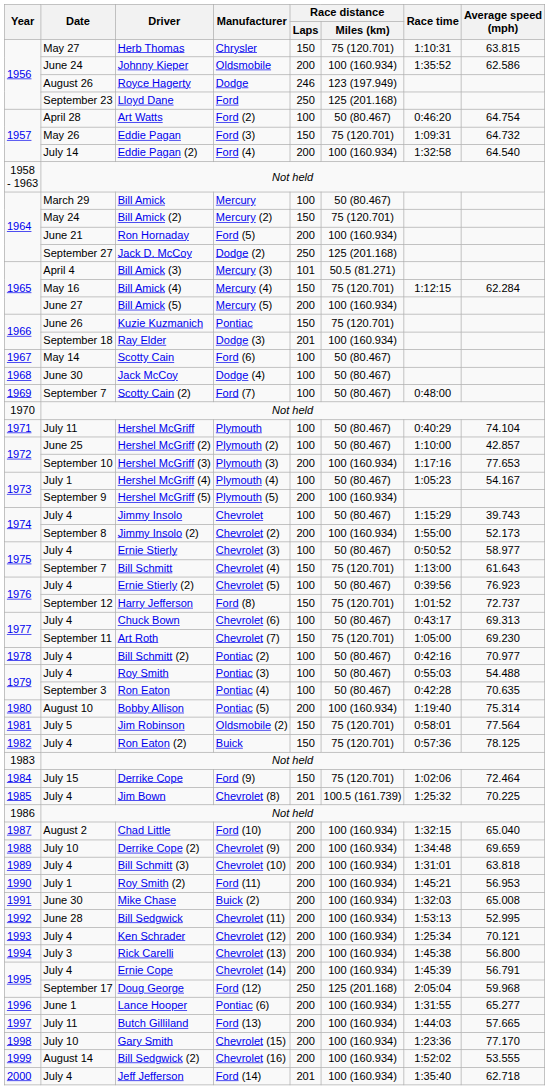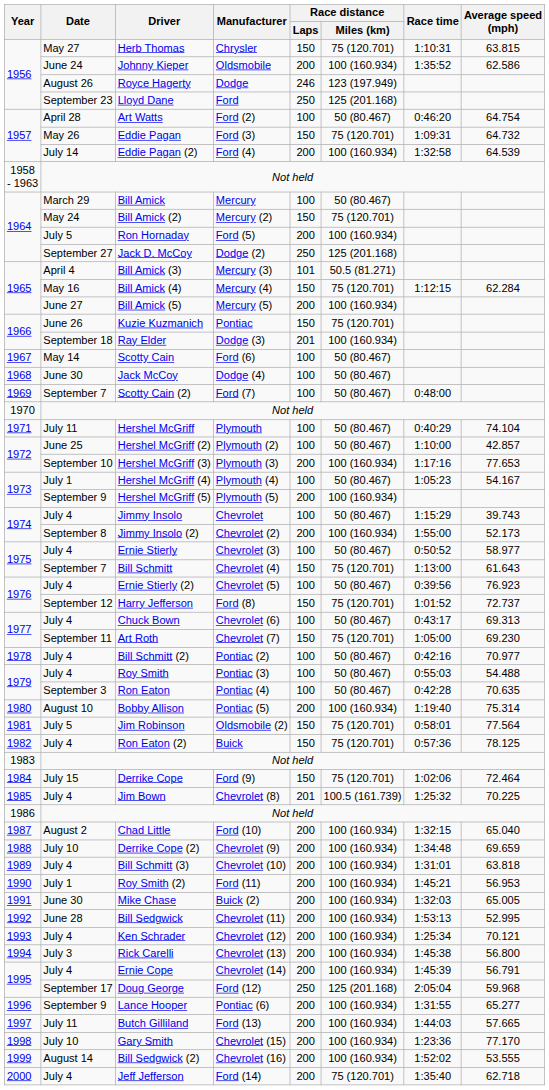 <table class="wikitable">
 <tr>
 <th rowspan="2">Year</th>
 <th rowspan="2">Date</th>
 <th rowspan="2">Driver</th>
 <th rowspan="2">Manufacturer</th>
 <th colspan="2">Race distance</th>
 <th rowspan="2">Race time</th>
 <th rowspan="2">Average speed<br>(mph)</th>
 </tr>
 <tr>
 <th>Laps</th>
 <th>Miles (km)</th>
 </tr>
 <tr>
 <td rowspan="4"><a href='#'>1956</a></td>
 <td>May 27</td>
 <td><a href='#'>Herb Thomas</a></td>
 <td><a href='#'>Chrysler</a></td>
 <td align="center">150</td>
 <td align="center">75 (120.701)</td>
 <td align="center">1:10:31</td>
 <td align="center">63.815</td>
 </tr>
 <tr>
 <td>June 24</td>
 <td><a href='#'>Johnny Kieper</a></td>
 <td><a href='#'>Oldsmobile</a></td>
 <td align="center">200</td>
 <td align="center">100 (160.934)</td>
 <td align="center">1:35:52</td>
 <td align="center">62.586</td>
 </tr>
 <tr>
 <td>August 26</td>
 <td><a href='#'>Royce Hagerty</a></td>
 <td><a href='#'>Dodge</a></td>
 <td align="center">246</td>
 <td align="center">123  (197.949)</td>
 <td></td>
 <td></td>
 </tr>
 <tr>
 <td>September 23</td>
 <td><a href='#'>Lloyd Dane</a></td>
 <td><a href='#'>Ford</a></td>
 <td align="center">250</td>
 <td align="center">125 (201.168)</td>
 <td></td>
 <td></td>
 </tr>
 <tr>
 <td rowspan="3"><a href='#'>1957</a></td>
 <td>April 28</td>
 <td><a href='#'>Art Watts</a></td>
 <td><a href='#'>Ford</a> (2)</td>
 <td align="center">100</td>
 <td align="center">50 (80.467)</td>
 <td align="center">0:46:20</td>
 <td align="center">64.754</td>
 </tr>
 <tr>
 <td>May 26</td>
 <td><a href='#'>Eddie Pagan</a></td>
 <td><a href='#'>Ford</a> (3)</td>
 <td align="center">150</td>
 <td align="center">75 (120.701)</td>
 <td align="center">1:09:31</td>
 <td align="center">64.732</td>
 </tr>
 <tr>
 <td>July 14</td>
 <td><a href='#'>Eddie Pagan</a> (2)</td>
 <td><a href='#'>Ford</a> (4)</td>
 <td align="center">200</td>
 <td align="center">100 (160.934)</td>
 <td align="center">1:32:58</td>
-<td align="center">64.540</td>
+<td align="center">64.539</td>
 </tr>
 <tr>
 <td align="center">1958<br>- 1963</td>
 <td colspan="7" align="center"><em>Not held</em></td>
 </tr>
 <tr>
 <td rowspan="4"><a href='#'>1964</a></td>
 <td>March 29</td>
 <td><a href='#'>Bill Amick</a></td>
 <td><a href='#'>Mercury</a></td>
 <td align="center">100</td>
 <td align="center">50 (80.467)</td>
 <td></td>
 <td></td>
 </tr>
 <tr>
 <td>May 24</td>
 <td><a href='#'>Bill Amick</a> (2)</td>
 <td><a href='#'>Mercury</a> (2)</td>
 <td align="center">150</td>
 <td align="center">75 (120.701)</td>
 <td></td>
 <td></td>
 </tr>
 <tr>
-<td>June 21</td>
+<td>July 5</td>
 <td><a href='#'>Ron Hornaday</a></td>
 <td><a href='#'>Ford</a> (5)</td>
 <td align="center">200</td>
 <td align="center">100 (160.934)</td>
 <td></td>
 <td></td>
 </tr>
 <tr>
 <td>September 27</td>
 <td><a href='#'>Jack D. McCoy</a></td>
 <td><a href='#'>Dodge</a> (2)</td>
 <td align="center">250</td>
 <td align="center">125 (201.168)</td>
 <td></td>
 <td></td>
 </tr>
 <tr>
 <td rowspan="3"><a href='#'>1965</a></td>
 <td>April 4</td>
 <td><a href='#'>Bill Amick</a> (3)</td>
 <td><a href='#'>Mercury</a> (3)</td>
 <td align="center">101</td>
 <td align="center">50.5 (81.271)</td>
 <td></td>
 <td></td>
 </tr>
 <tr>
 <td>May 16</td>
 <td><a href='#'>Bill Amick</a> (4)</td>
 <td><a href='#'>Mercury</a> (4)</td>
 <td align="center">150</td>
 <td align="center">75 (120.701)</td>
 <td align="center">1:12:15</td>
 <td align="center">62.284</td>
 </tr>
 <tr>
 <td>June 27</td>
 <td><a href='#'>Bill Amick</a> (5)</td>
 <td><a href='#'>Mercury</a> (5)</td>
 <td align="center">200</td>
 <td align="center">100 (160.934)</td>
 <td></td>
 <td></td>
 </tr>
 <tr>
 <td rowspan="2"><a href='#'>1966</a></td>
 <td>June 26</td>
 <td><a href='#'>Kuzie Kuzmanich</a></td>
 <td><a href='#'>Pontiac</a></td>
 <td align="center">150</td>
 <td align="center">75 (120.701)</td>
 <td></td>
 <td></td>
 </tr>
 <tr>
 <td>September 18</td>
 <td><a href='#'>Ray Elder</a></td>
 <td><a href='#'>Dodge</a> (3)</td>
 <td align="center">201</td>
 <td align="center">100 (160.934)</td>
 <td></td>
 <td></td>
 </tr>
 <tr>
 <td><a href='#'>1967</a></td>
 <td>May 14</td>
 <td><a href='#'>Scotty Cain</a></td>
 <td><a href='#'>Ford</a> (6)</td>
 <td align="center">100</td>
 <td align="center">50 (80.467)</td>
 <td></td>
 <td></td>
 </tr>
 <tr>
 <td><a href='#'>1968</a></td>
 <td>June 30</td>
 <td><a href='#'>Jack McCoy</a></td>
 <td><a href='#'>Dodge</a> (4)</td>
 <td align="center">100</td>
 <td align="center">50 (80.467)</td>
 <td></td>
 <td></td>
 </tr>
 <tr>
 <td><a href='#'>1969</a></td>
 <td>September 7</td>
 <td><a href='#'>Scotty Cain</a> (2)</td>
 <td><a href='#'>Ford</a> (7)</td>
 <td align="center">100</td>
 <td align="center">50 (80.467)</td>
 <td align="center">0:48:00</td>
 </tr>
 <tr>
 <td align="center">1970</td>
 <td colspan="7" align="center"><em>Not held</em></td>
 </tr>
 <tr>
 <td><a href='#'>1971</a></td>
 <td>July 11</td>
 <td><a href='#'>Hershel McGriff</a></td>
 <td><a href='#'>Plymouth</a></td>
 <td align="center">100</td>
 <td align="center">50 (80.467)</td>
 <td align="center">0:40:29</td>
 <td align="center">74.104</td>
 </tr>
 <tr>
 <td rowspan="2"><a href='#'>1972</a></td>
 <td>June 25</td>
 <td><a href='#'>Hershel McGriff</a> (2)</td>
 <td><a href='#'>Plymouth</a> (2)</td>
 <td align="center">100</td>
 <td align="center">50 (80.467)</td>
 <td align="center">1:10:00</td>
 <td align="center">42.857</td>
 </tr>
 <tr>
 <td>September 10</td>
 <td><a href='#'>Hershel McGriff</a> (3)</td>
 <td><a href='#'>Plymouth</a> (3)</td>
 <td align="center">200</td>
 <td align="center">100 (160.934)</td>
 <td align="center">1:17:16</td>
 <td align="center">77.653</td>
 </tr>
 <tr>
 <td rowspan="2"><a href='#'>1973</a></td>
 <td>July 1</td>
 <td><a href='#'>Hershel McGriff</a> (4)</td>
 <td><a href='#'>Plymouth</a> (4)</td>
 <td align="center">100</td>
 <td align="center">50 (80.467)</td>
 <td align="center">1:05:23</td>
 <td align="center">54.167</td>
 </tr>
 <tr>
 <td>September 9</td>
 <td><a href='#'>Hershel McGriff</a> (5)</td>
 <td><a href='#'>Plymouth</a> (5)</td>
 <td align="center">200</td>
 <td align="center">100 (160.934)</td>
 <td></td>
 <td></td>
 </tr>
 <tr>
 <td rowspan="2"><a href='#'>1974</a></td>
 <td>July 4</td>
 <td><a href='#'>Jimmy Insolo</a></td>
 <td><a href='#'>Chevrolet</a></td>
 <td align="center">100</td>
 <td align="center">50 (80.467)</td>
 <td align="center">1:15:29</td>
 <td align="center">39.743</td>
 </tr>
 <tr>
 <td>September 8</td>
 <td><a href='#'>Jimmy Insolo</a> (2)</td>
 <td><a href='#'>Chevrolet</a> (2)</td>
 <td align="center">200</td>
 <td align="center">100 (160.934)</td>
 <td align="center">1:55:00</td>
 <td align="center">52.173</td>
 </tr>
 <tr>
 <td rowspan="2"><a href='#'>1975</a></td>
 <td>July 4</td>
 <td><a href='#'>Ernie Stierly</a></td>
 <td><a href='#'>Chevrolet</a> (3)</td>
 <td align="center">100</td>
 <td align="center">50 (80.467)</td>
 <td align="center">0:50:52</td>
 <td align="center">58.977</td>
 </tr>
 <tr>
 <td>September 7</td>
 <td><a href='#'>Bill Schmitt</a></td>
 <td><a href='#'>Chevrolet</a> (4)</td>
 <td align="center">150</td>
 <td align="center">75 (120.701)</td>
 <td align="center">1:13:00</td>
 <td align="center">61.643</td>
 </tr>
 <tr>
 <td rowspan="2"><a href='#'>1976</a></td>
 <td>July 4</td>
 <td><a href='#'>Ernie Stierly</a> (2)</td>
 <td><a href='#'>Chevrolet</a> (5)</td>
 <td align="center">100</td>
 <td align="center">50 (80.467)</td>
 <td align="center">0:39:56</td>
 <td align="center">76.923</td>
 </tr>
 <tr>
 <td>September 12</td>
 <td><a href='#'>Harry Jefferson</a></td>
 <td><a href='#'>Ford</a> (8)</td>
 <td align="center">150</td>
 <td align="center">75 (120.701)</td>
 <td align="center">1:01:52</td>
 <td align="center">72.737</td>
 </tr>
 <tr>
 <td rowspan="2"><a href='#'>1977</a></td>
 <td>July 4</td>
 <td><a href='#'>Chuck Bown</a></td>
 <td><a href='#'>Chevrolet</a> (6)</td>
 <td align="center">100</td>
 <td align="center">50 (80.467)</td>
 <td align="center">0:43:17</td>
 <td align="center">69.313</td>
 </tr>
 <tr>
 <td>September 11</td>
 <td><a href='#'>Art Roth</a></td>
 <td><a href='#'>Chevrolet</a> (7)</td>
 <td align="center">150</td>
 <td align="center">75 (120.701)</td>
 <td align="center">1:05:00</td>
 <td align="center">69.230</td>
 </tr>
 <tr>
 <td><a href='#'>1978</a></td>
 <td>July 4</td>
 <td><a href='#'>Bill Schmitt</a> (2)</td>
 <td><a href='#'>Pontiac</a> (2)</td>
 <td align="center">100</td>
 <td align="center">50 (80.467)</td>
 <td align="center">0:42:16</td>
 <td align="center">70.977</td>
 </tr>
 <tr>
 <td rowspan="2"><a href='#'>1979</a></td>
 <td>July 4</td>
 <td><a href='#'>Roy Smith</a></td>
 <td><a href='#'>Pontiac</a> (3)</td>
 <td align="center">100</td>
 <td align="center">50 (80.467)</td>
 <td align="center">0:55:03</td>
 <td align="center">54.488</td>
 </tr>
 <tr>
 <td>September 3</td>
 <td><a href='#'>Ron Eaton</a></td>
 <td><a href='#'>Pontiac</a> (4)</td>
 <td align="center">100</td>
 <td align="center">50 (80.467)</td>
 <td align="center">0:42:28</td>
 <td align="center">70.635</td>
 </tr>
 <tr>
 <td><a href='#'>1980</a></td>
 <td>August 10</td>
 <td><a href='#'>Bobby Allison</a></td>
 <td><a href='#'>Pontiac</a> (5)</td>
 <td align="center">200</td>
 <td align="center">100 (160.934)</td>
 <td align="center">1:19:40</td>
 <td align="center">75.314</td>
 </tr>
 <tr>
 <td><a href='#'>1981</a></td>
 <td>July 5</td>
 <td><a href='#'>Jim Robinson</a></td>
 <td><a href='#'>Oldsmobile</a> (2)</td>
 <td align="center">150</td>
 <td align="center">75 (120.701)</td>
 <td align="center">0:58:01</td>
 <td align="center">77.564</td>
 </tr>
 <tr>
 <td><a href='#'>1982</a></td>
 <td>July 4</td>
 <td><a href='#'>Ron Eaton</a> (2)</td>
 <td><a href='#'>Buick</a></td>
 <td align="center">150</td>
 <td align="center">75 (120.701)</td>
 <td align="center">0:57:36</td>
 <td align="center">78.125</td>
 </tr>
 <tr>
 <td align="center">1983</td>
 <td colspan="7" align="center"><em>Not held</em></td>
 </tr>
 <tr>
 <td><a href='#'>1984</a></td>
 <td>July 15</td>
 <td><a href='#'>Derrike Cope</a></td>
 <td><a href='#'>Ford</a> (9)</td>
 <td align="center">150</td>
 <td align="center">75 (120.701)</td>
 <td align="center">1:02:06</td>
 <td align="center">72.464</td>
 </tr>
 <tr>
 <td><a href='#'>1985</a></td>
 <td>July 4</td>
 <td><a href='#'>Jim Bown</a></td>
 <td><a href='#'>Chevrolet</a> (8)</td>
 <td align="center">201</td>
 <td align="center">100.5 (161.739)</td>
 <td align="center">1:25:32</td>
 <td align="center">70.225</td>
 </tr>
 <tr>
 <td align="center">1986</td>
 <td colspan="7" align="center"><em>Not held</em></td>
 </tr>
 <tr>
 <td><a href='#'>1987</a></td>
 <td>August 2</td>
 <td><a href='#'>Chad Little</a></td>
 <td><a href='#'>Ford</a> (10)</td>
 <td align="center">200</td>
 <td align="center">100 (160.934)</td>
 <td align="center">1:32:15</td>
 <td align="center">65.040</td>
 </tr>
 <tr>
 <td><a href='#'>1988</a></td>
 <td>July 10</td>
 <td><a href='#'>Derrike Cope</a> (2)</td>
 <td><a href='#'>Chevrolet</a> (9)</td>
 <td align="center">200</td>
 <td align="center">100 (160.934)</td>
 <td align="center">1:34:48</td>
 <td align="center">69.659</td>
 </tr>
 <tr>
 <td><a href='#'>1989</a></td>
 <td>July 4</td>
 <td><a href='#'>Bill Schmitt</a> (3)</td>
 <td><a href='#'>Chevrolet</a> (10)</td>
 <td align="center">200</td>
 <td align="center">100 (160.934)</td>
 <td align="center">1:31:01</td>
 <td align="center">63.818</td>
 </tr>
 <tr>
 <td><a href='#'>1990</a></td>
 <td>July 1</td>
 <td><a href='#'>Roy Smith</a> (2)</td>
 <td><a href='#'>Ford</a> (11)</td>
 <td align="center">200</td>
 <td align="center">100 (160.934)</td>
 <td align="center">1:45:21</td>
 <td align="center">56.953</td>
 </tr>
 <tr>
 <td><a href='#'>1991</a></td>
 <td>June 30</td>
 <td><a href='#'>Mike Chase</a></td>
 <td><a href='#'>Buick</a> (2)</td>
 <td align="center">200</td>
 <td align="center">100 (160.934)</td>
 <td align="center">1:32:03</td>
-<td align="center">65.008</td>
+<td align="center">65.005</td>
 </tr>
 <tr>
 <td><a href='#'>1992</a></td>
 <td>June 28</td>
 <td><a href='#'>Bill Sedgwick</a></td>
 <td><a href='#'>Chevrolet</a> (11)</td>
 <td align="center">200</td>
 <td align="center">100 (160.934)</td>
 <td align="center">1:53:13</td>
 <td align="center">52.995</td>
 </tr>
 <tr>
 <td><a href='#'>1993</a></td>
 <td>July 4</td>
 <td><a href='#'>Ken Schrader</a></td>
 <td><a href='#'>Chevrolet</a> (12)</td>
 <td align="center">200</td>
 <td align="center">100 (160.934)</td>
 <td align="center">1:25:34</td>
 <td align="center">70.121</td>
 </tr>
 <tr>
 <td><a href='#'>1994</a></td>
 <td>July 3</td>
 <td><a href='#'>Rick Carelli</a></td>
 <td><a href='#'>Chevrolet</a> (13)</td>
 <td align="center">200</td>
 <td align="center">100 (160.934)</td>
 <td align="center">1:45:38</td>
 <td align="center">56.800</td>
 </tr>
 <tr>
 <td rowspan="2"><a href='#'>1995</a></td>
 <td>July 4</td>
 <td><a href='#'>Ernie Cope</a></td>
 <td><a href='#'>Chevrolet</a> (14)</td>
 <td align="center">200</td>
 <td align="center">100 (160.934)</td>
 <td align="center">1:45:39</td>
 <td align="center">56.791</td>
 </tr>
 <tr>
 <td>September 17</td>
 <td><a href='#'>Doug George</a></td>
 <td><a href='#'>Ford</a> (12)</td>
 <td align="center">250</td>
 <td align="center">125 (201.168)</td>
 <td align="center">2:05:04</td>
 <td align="center">59.968</td>
 </tr>
 <tr>
 <td><a href='#'>1996</a></td>
-<td>June 1</td>
+<td>September 9</td>
 <td><a href='#'>Lance Hooper</a></td>
 <td><a href='#'>Pontiac</a> (6)</td>
 <td align="center">200</td>
 <td align="center">100 (160.934)</td>
 <td align="center">1:31:55</td>
 <td align="center">65.277</td>
 </tr>
 <tr>
 <td><a href='#'>1997</a></td>
 <td>July 11</td>
 <td><a href='#'>Butch Gilliland</a></td>
 <td><a href='#'>Ford</a> (13)</td>
 <td align="center">200</td>
 <td align="center">100 (160.934)</td>
 <td align="center">1:44:03</td>
 <td align="center">57.665</td>
 </tr>
 <tr>
 <td><a href='#'>1998</a></td>
 <td>July 10</td>
 <td><a href='#'>Gary Smith</a></td>
 <td><a href='#'>Chevrolet</a> (15)</td>
 <td align="center">200</td>
 <td align="center">100 (160.934)</td>
 <td align="center">1:23:36</td>
 <td align="center">77.170</td>
 </tr>
 <tr>
 <td><a href='#'>1999</a></td>
 <td>August 14</td>
 <td><a href='#'>Bill Sedgwick</a> (2)</td>
 <td><a href='#'>Chevrolet</a> (16)</td>
 <td align="center">200</td>
 <td align="center">100 (160.934)</td>
 <td align="center">1:52:02</td>
 <td align="center">53.555</td>
 </tr>
 <tr>
 <td><a href='#'>2000</a></td>
 <td>July 4</td>
 <td><a href='#'>Jeff Jefferson</a></td>
 <td><a href='#'>Ford</a> (14)</td>
-<td align="center">201</td>
-<td align="center">100 (160.934)</td>
+<td align="center">200</td>
+<td align="center">75 (120.701)</td>
 <td align="center">1:35:40</td>
 <td align="center">62.718</td>
 </tr>
 </table>
